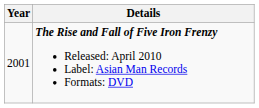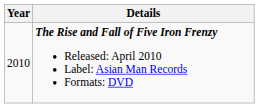 <table class ="wikitable">
 <tr>
 <th rowspan="1">Year</th>
 <th rowspan="1" width="300">Details</th>
 </tr>
 <tr>
-<td>2001</td>
+<td>2010</td>
 <td><strong><em>The Rise and Fall of Five Iron Frenzy</em></strong><br><ul><li>Released: April 2010</li><li>Label: <a href='#'>Asian Man Records</a></li><li>Formats: <a href='#'>DVD</a></li></ul></td>
 </tr>
 </table>
